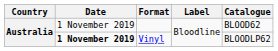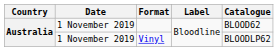 <table class="wikitable plainrowheaders">
 <tr>
 <th scope="col">Country</th>
 <th scope="col">Date</th>
 <th scope="col">Format</th>
 <th scope="col">Label</th>
 <th scope="col">Catalogue</th>
 </tr>
 <tr>
 <th scope="row" rowspan="2">Australia</th>
 <td>1 November 2019</td>
 <td></td>
 <td rowspan="2">Bloodline</td>
 <td>BLOOD62</td>
 </tr>
 <tr>
-<td><strong>1 November 2019</strong></td>
+<td>1 November 2019</td>
 <td><a href='#'>Vinyl</a></td>
 <td>BLOODLP62</td>
 </tr>
 </table>
